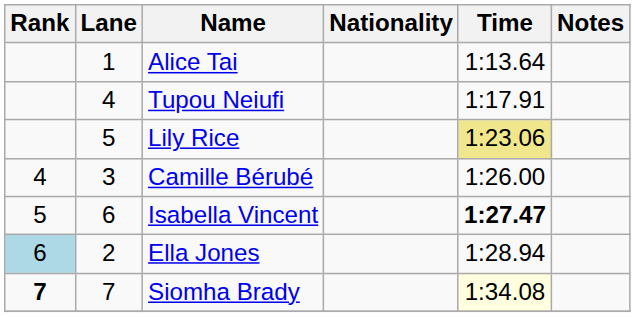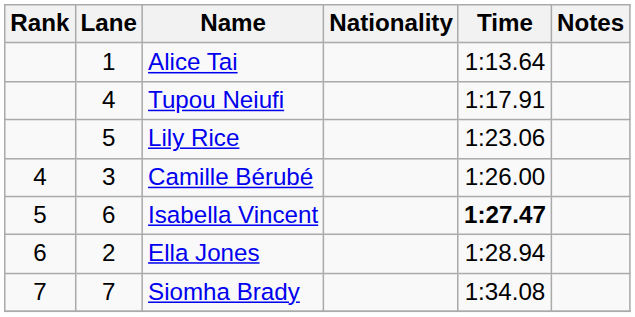 <table class="wikitable sortable" style="text-align:center">
 <tr>
 <th>Rank</th>
 <th>Lane</th>
 <th>Name</th>
 <th>Nationality</th>
 <th>Time</th>
 <th>Notes</th>
 </tr>
 <tr>
 <td></td>
 <td>1</td>
 <td align=left><a href='#'>Alice Tai</a></td>
 <td align=left></td>
 <td>1:13.64</td>
 <td></td>
 </tr>
 <tr>
 <td></td>
 <td>4</td>
 <td align=left><a href='#'>Tupou Neiufi</a></td>
 <td align=left></td>
 <td>1:17.91</td>
 <td></td>
 </tr>
 <tr>
 <td></td>
 <td>5</td>
 <td align=left><a href='#'>Lily Rice</a></td>
 <td align=left></td>
-<td style="background: khaki;">1:23.06</td>
+<td>1:23.06</td>
 <td></td>
 </tr>
 <tr>
 <td>4</td>
 <td>3</td>
 <td align=left><a href='#'>Camille Bérubé</a></td>
 <td align=left></td>
 <td>1:26.00</td>
 <td></td>
 </tr>
 <tr>
 <td>5</td>
 <td>6</td>
 <td align=left><a href='#'>Isabella Vincent</a></td>
 <td align=left></td>
 <td><strong>1:27.47</strong></td>
 <td></td>
 </tr>
 <tr>
-<td style="background: lightblue;">6</td>
+<td>6</td>
 <td>2</td>
 <td align=left><a href='#'>Ella Jones</a></td>
 <td align=left></td>
 <td>1:28.94</td>
 <td></td>
 </tr>
 <tr>
-<td><strong>7</strong></td>
+<td>7</td>
 <td>7</td>
 <td align=left><a href='#'>Siomha Brady</a></td>
 <td align=left></td>
-<td style="background: lightyellow;">1:34.08</td>
+<td>1:34.08</td>
 <td></td>
 </tr>
 <tr>
 </tr>
 </table>
